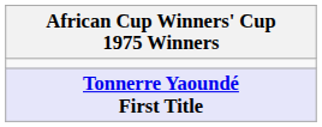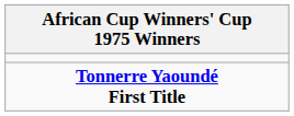 <table class="wikitable" style="text-align: center; margin: 0 auto; width: 20%">
 <tr>
 <th>African Cup Winners' Cup<br>1975 Winners</th>
 </tr>
 <tr>
 <td></td>
 </tr>
 <tr>
-<td style="background: lavender;"><strong><a href='#'>Tonnerre Yaoundé</a></strong><br><strong>First Title</strong></td>
+<td><strong><a href='#'>Tonnerre Yaoundé</a></strong><br><strong>First Title</strong></td>
 </tr>
 </table>
